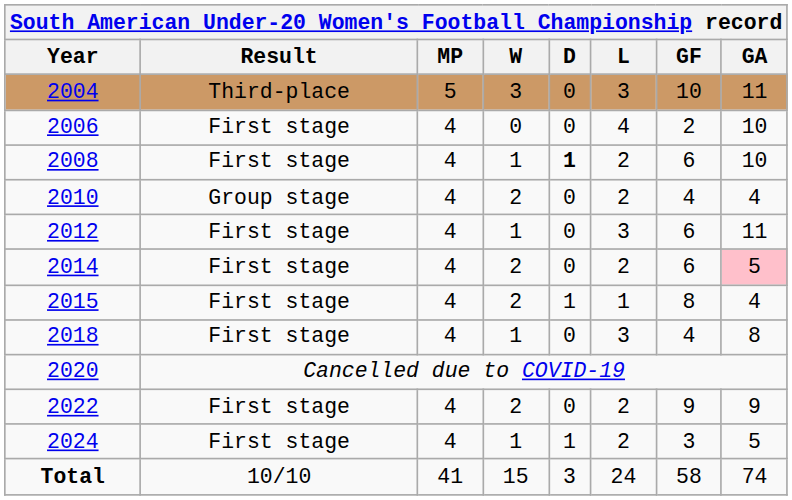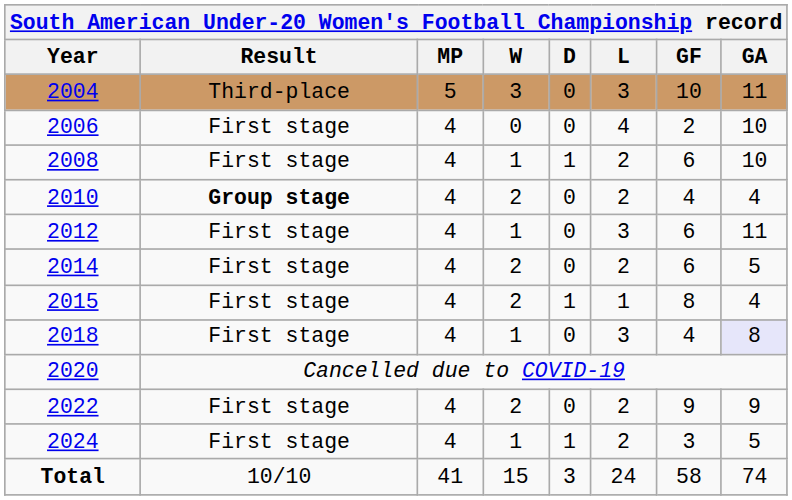 <table class="wikitable" style="text-align: center;">
 <tr>
 <th colspan=20><a href='#'>South American Under-20 Women's  Football  Championship</a> record</th>
 </tr>
 <tr>
 <th>Year</th>
 <th>Result</th>
 <th>MP</th>
 <th>W</th>
 <th>D</th>
 <th>L</th>
 <th>GF</th>
 <th>GA</th>
 </tr>
 <tr bgcolor=#cc9966>
 <td> <a href='#'>2004</a></td>
 <td>Third-place</td>
 <td>5</td>
 <td>3</td>
 <td>0</td>
 <td>3</td>
 <td>10</td>
 <td>11</td>
 </tr>
 <tr>
 <td> <a href='#'>2006</a></td>
 <td>First stage</td>
 <td>4</td>
 <td>0</td>
 <td>0</td>
 <td>4</td>
 <td>2</td>
 <td>10</td>
 </tr>
 <tr>
 <td> <a href='#'>2008</a></td>
 <td>First stage</td>
 <td>4</td>
 <td>1</td>
-<td><strong>1</strong></td>
+<td>1</td>
 <td>2</td>
 <td>6</td>
 <td>10</td>
 </tr>
 <tr>
 <td> <a href='#'>2010</a></td>
-<td>Group stage</td>
+<td><strong>Group stage</strong></td>
 <td>4</td>
 <td>2</td>
 <td>0</td>
 <td>2</td>
 <td>4</td>
 <td>4</td>
 </tr>
 <tr>
 <td> <a href='#'>2012</a></td>
 <td>First stage</td>
 <td>4</td>
 <td>1</td>
 <td>0</td>
 <td>3</td>
 <td>6</td>
 <td>11</td>
 </tr>
 <tr>
 <td> <a href='#'>2014</a></td>
 <td>First stage</td>
 <td>4</td>
 <td>2</td>
 <td>0</td>
 <td>2</td>
 <td>6</td>
-<td style="background: pink;">5</td>
+<td>5</td>
 </tr>
 <tr>
 <td> <a href='#'>2015</a></td>
 <td>First stage</td>
 <td>4</td>
 <td>2</td>
 <td>1</td>
 <td>1</td>
 <td>8</td>
 <td>4</td>
 </tr>
 <tr>
 <td> <a href='#'>2018</a></td>
 <td>First stage</td>
 <td>4</td>
 <td>1</td>
 <td>0</td>
 <td>3</td>
 <td>4</td>
-<td>8</td>
+<td style="background: lavender;">8</td>
 </tr>
 <tr>
 <td> <a href='#'>2020</a></td>
 <td colspan=7><em>Cancelled due to <a href='#'>COVID-19</a></em></td>
 </tr>
 <tr>
 <td> <a href='#'>2022</a></td>
 <td>First stage</td>
 <td>4</td>
 <td>2</td>
 <td>0</td>
 <td>2</td>
 <td>9</td>
 <td>9</td>
 </tr>
 <tr>
 <td> <a href='#'>2024</a></td>
 <td>First stage</td>
 <td>4</td>
 <td>1</td>
 <td>1</td>
 <td>2</td>
 <td>3</td>
 <td>5</td>
 </tr>
 <tr>
 <td><strong>Total</strong></td>
 <td>10/10</td>
 <td>41</td>
 <td>15</td>
 <td>3</td>
 <td>24</td>
 <td>58</td>
 <td>74</td>
 </tr>
 </table>
